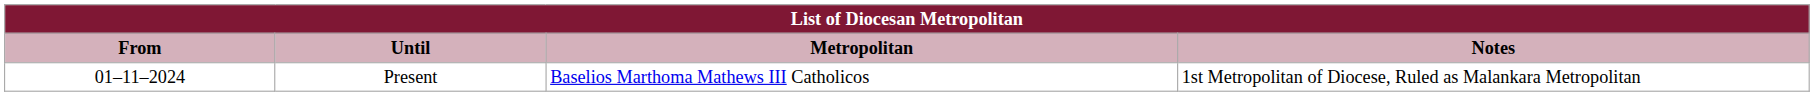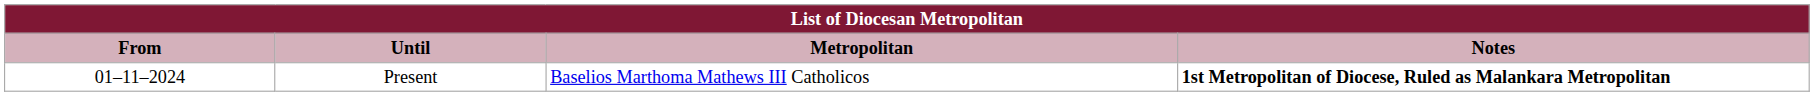 <table class="wikitable" style="width: 100%;">
 <tr>
 <th colspan="4" style="background-color: #7F1734; color: white;">List of Diocesan Metropolitan</th>
 </tr>
 <tr>
 <th style="background-color: #D4B1BB; width: 15%;">From</th>
 <th style="background-color: #D4B1BB; width: 15%;">Until</th>
 <th style="background-color: #D4B1BB; width: 35%;">Metropolitan</th>
 <th style="background-color: #D4B1BB; width: 35%;">Notes</th>
 </tr>
 <tr valign="top" style="background-color: white;">
 <td style="text-align: center;">01–11–2024</td>
 <td style="text-align: center;">Present</td>
 <td><a href='#'>Baselios Marthoma Mathews III</a> Catholicos</td>
-<td>1st Metropolitan of Diocese, Ruled  as Malankara Metropolitan</td>
+<td><strong>1st Metropolitan of Diocese, Ruled  as Malankara Metropolitan</strong></td>
 </tr>
 </table>
